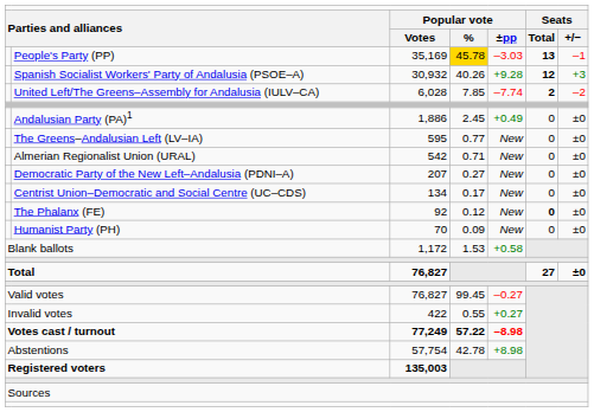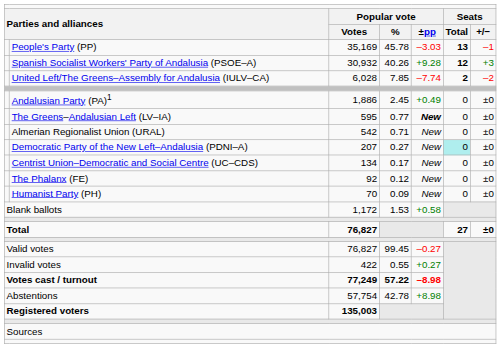 <table class="wikitable" style="text-align:right;">
 <tr>
 <td colspan="7"></td>
 </tr>
 <tr>
 <th style="text-align:left;" rowspan="2" colspan="2" width="525">Parties and alliances</th>
 <th colspan="3">Popular vote</th>
 <th colspan="2">Seats</th>
 </tr>
 <tr>
 <th width="75">Votes</th>
 <th width="45">%</th>
 <th width="45">±<a href='#'>pp</a></th>
 <th width="35">Total</th>
 <th width="35">+/−</th>
 </tr>
 <tr>
 <td width="1" style="color:inherit;background:"></td>
 <td align="left"><a href='#'>People's Party</a> (PP)</td>
 <td>35,169</td>
-<td style="background: gold;">45.78</td>
+<td>45.78</td>
 <td style="color:red;">–3.03</td>
 <td><strong>13</strong></td>
 <td style="color:red;">–1</td>
 </tr>
 <tr>
 <td style="color:inherit;background:"></td>
 <td align="left"><a href='#'>Spanish Socialist Workers' Party of Andalusia</a> (PSOE–A)</td>
 <td>30,932</td>
 <td>40.26</td>
 <td style="color:green;">+9.28</td>
 <td><strong>12</strong></td>
 <td style="color:green;">+3</td>
 </tr>
 <tr>
 <td style="color:inherit;background:"></td>
 <td align="left"><a href='#'>United Left/The Greens–Assembly for Andalusia</a> (IULV–CA)</td>
 <td>6,028</td>
 <td>7.85</td>
 <td style="color:red;">–7.74</td>
 <td><strong>2</strong></td>
 <td style="color:red;">–2</td>
 </tr>
 <tr>
 <td colspan="7" bgcolor="#C0C0C0"></td>
 </tr>
 <tr>
 <td style="color:inherit;background:"></td>
 <td align="left"><a href='#'>Andalusian Party</a> (PA)<sup>1</sup></td>
 <td>1,886</td>
 <td>2.45</td>
 <td style="color:green;">+0.49</td>
 <td>0</td>
 <td>±0</td>
 </tr>
 <tr>
 <td style="color:inherit;background:"></td>
 <td align="left"><a href='#'>The Greens</a>–<a href='#'>Andalusian Left</a> (LV–IA)</td>
 <td>595</td>
 <td>0.77</td>
-<td><em>New</em></td>
+<td><strong><em>New</em></strong></td>
 <td>0</td>
 <td>±0</td>
 </tr>
 <tr>
 <td style="color:inherit;background:"></td>
 <td align="left">Almerian Regionalist Union (URAL)</td>
 <td>542</td>
 <td>0.71</td>
 <td><em>New</em></td>
 <td>0</td>
 <td>±0</td>
 </tr>
 <tr>
 <td style="color:inherit;background:"></td>
 <td align="left"><a href='#'>Democratic Party of the New Left–Andalusia</a> (PDNI–A)</td>
 <td>207</td>
 <td>0.27</td>
 <td><em>New</em></td>
-<td>0</td>
+<td style="background: paleturquoise;">0</td>
 <td>±0</td>
 </tr>
 <tr>
 <td style="color:inherit;background:"></td>
 <td align="left"><a href='#'>Centrist Union–Democratic and Social Centre</a> (UC–CDS)</td>
 <td>134</td>
 <td>0.17</td>
 <td><em>New</em></td>
 <td>0</td>
 <td>±0</td>
 </tr>
 <tr>
 <td style="color:inherit;background:"></td>
 <td align="left"><a href='#'>The Phalanx</a> (FE)</td>
 <td>92</td>
 <td>0.12</td>
 <td><em>New</em></td>
-<td><strong>0</strong></td>
+<td>0</td>
 <td>±0</td>
 </tr>
 <tr>
 <td style="color:inherit;background:"></td>
 <td align="left"><a href='#'>Humanist Party</a> (PH)</td>
 <td>70</td>
 <td>0.09</td>
 <td><em>New</em></td>
 <td>0</td>
 <td>±0</td>
 </tr>
 <tr>
 <td align="left" colspan="2">Blank ballots</td>
 <td>1,172</td>
 <td>1.53</td>
 <td style="color:green;">+0.58</td>
 <td bgcolor="#E9E9E9" colspan="2"></td>
 </tr>
 <tr>
 <td colspan="7" bgcolor="#E9E9E9"></td>
 </tr>
 <tr style="font-weight:bold;">
 <td align="left" colspan="2">Total</td>
 <td>76,827</td>
 <td bgcolor="#E9E9E9" colspan="2"></td>
 <td>27</td>
 <td>±0</td>
 </tr>
 <tr>
 <td colspan="7" bgcolor="#E9E9E9"></td>
 </tr>
 <tr>
 <td align="left" colspan="2">Valid votes</td>
 <td>76,827</td>
 <td>99.45</td>
 <td style="color:red;">–0.27</td>
 <td bgcolor="#E9E9E9" colspan="2" rowspan="5"></td>
 </tr>
 <tr>
 <td align="left" colspan="2">Invalid votes</td>
 <td>422</td>
 <td>0.55</td>
 <td style="color:green;">+0.27</td>
 </tr>
 <tr style="font-weight:bold;">
 <td align="left" colspan="2">Votes cast / turnout</td>
 <td>77,249</td>
 <td>57.22</td>
 <td style="color:red;">–8.98</td>
 </tr>
 <tr>
 <td align="left" colspan="2">Abstentions</td>
 <td>57,754</td>
 <td>42.78</td>
 <td style="color:green;">+8.98</td>
 </tr>
 <tr style="font-weight:bold;">
 <td align="left" colspan="2">Registered voters</td>
 <td>135,003</td>
 <td bgcolor="#E9E9E9" colspan="2"></td>
 </tr>
 <tr>
 <td colspan="7" bgcolor="#E9E9E9"></td>
 </tr>
 <tr>
 <td align="left" colspan="7">Sources</td>
 </tr>
 <tr>
 <td colspan="7" style="text-align:left; max-width:790px;"></td>
 </tr>
 </table>
